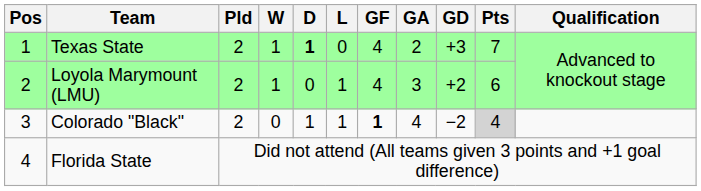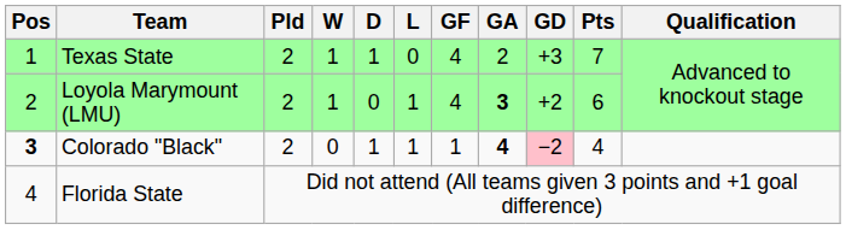 <table class="wikitable" style="text-align:center; margin: 1em auto">
 <tr>
 <th style="width:2em">Pos</th>
 <th style="width:13em">Team</th>
 <th style="width:2em">Pld</th>
 <th style="width:2em">W</th>
 <th style="width:2em">D</th>
 <th style="width:2em">L</th>
 <th style="width:2em">GF</th>
 <th style="width:2em">GA</th>
 <th style="width:2em">GD</th>
 <th style="width:2em">Pts</th>
 <th style="width:13em">Qualification</th>
 </tr>
 <tr bgcolor="#9eff9e">
 <td>1</td>
 <td style="text-align:left">Texas State</td>
 <td>2</td>
 <td>1</td>
-<td><strong>1</strong></td>
+<td>1</td>
 <td>0</td>
 <td>4</td>
 <td>2</td>
 <td>+3</td>
 <td>7</td>
 <td rowspan="2">Advanced to knockout stage</td>
 </tr>
 <tr bgcolor="#9eff9e">
 <td>2</td>
 <td style="text-align:left">Loyola Marymount (LMU)</td>
 <td>2</td>
 <td>1</td>
 <td>0</td>
 <td>1</td>
 <td>4</td>
-<td>3</td>
+<td><strong>3</strong></td>
 <td>+2</td>
 <td>6</td>
 </tr>
 <tr>
-<td>3</td>
+<td><strong>3</strong></td>
 <td style="text-align:left">Colorado "Black"</td>
 <td>2</td>
 <td>0</td>
 <td>1</td>
 <td>1</td>
-<td><strong>1</strong></td>
+<td>1</td>
+<td><strong>4</strong></td>
+<td style="background: pink;">−2</td>
 <td>4</td>
-<td>−2</td>
-<td style="background: lightgrey;">4</td>
 <td></td>
 </tr>
 <tr>
 <td>4</td>
 <td style="text-align:left">Florida State</td>
 <td colspan="9">Did not attend (All teams given 3 points and +1 goal difference)</td>
 </tr>
 </table>
